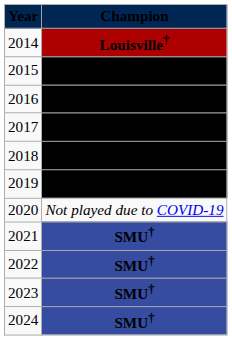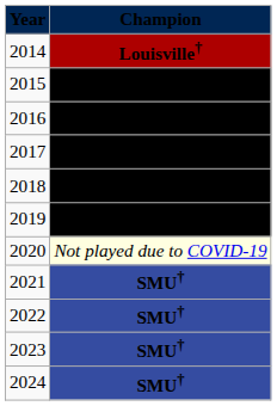 <table class="wikitable" style="text-align: center;">
 <tr>
 <th style="background:#002654;"><span>Year</span></th>
 <th style="background:#002654;"><span>Champion</span></th>
 </tr>
 <tr>
 <td>2014</td>
 <td style="background:#AD0000;"><span><strong>Louisville<sup>†</sup></strong></span></td>
 </tr>
 <tr>
 <td>2015</td>
 <td style="background:#000000;"><span><strong>UCF<sup>†</sup></strong></span></td>
 </tr>
 <tr>
 <td>2016</td>
 <td style="background:#000000;"><span><strong>UCF<sup>†</sup></strong></span></td>
 </tr>
 <tr>
 <td>2017</td>
 <td style="background:#000000;"><span><strong>UCF<sup>†</sup></strong></span></td>
 </tr>
 <tr>
 <td>2018</td>
 <td style="background:#000000;"><span><strong>UCF<sup>†</sup></strong></span></td>
 </tr>
 <tr>
 <td>2019</td>
 <td style="background:#000000;"><span><strong>UCF<sup>†</sup></strong></span></td>
 </tr>
 <tr>
 <td>2020</td>
-<td><em>Not played due to <a href='#'>COVID-19</a></em></td>
+<td style="background: lightyellow;"><em>Not played due to <a href='#'>COVID-19</a></em></td>
 </tr>
 <tr>
 <td>2021</td>
 <td style="background:#354ca1;"><span><strong>SMU<sup>†</sup></strong></span></td>
 </tr>
 <tr>
 <td>2022</td>
 <td style="background:#354ca1;"><span><strong>SMU<sup>†</sup></strong></span></td>
 </tr>
 <tr>
 <td>2023</td>
 <td style="background:#354ca1;"><span><strong>SMU<sup>†</sup></strong></span></td>
 </tr>
 <tr>
 <td>2024</td>
 <td style="background:#354ca1;"><span><strong>SMU<sup>†</sup></strong></span></td>
 </tr>
 </table>
